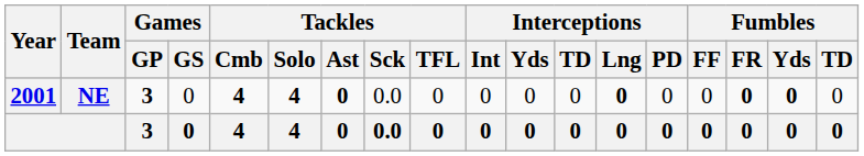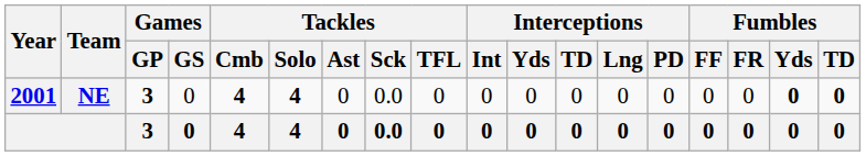 <table class="wikitable" style="text-align:center">
 <tr>
 <th rowspan="2">Year</th>
 <th rowspan="2">Team</th>
 <th colspan="2">Games</th>
 <th colspan="5">Tackles</th>
 <th colspan="5">Interceptions</th>
 <th colspan="4">Fumbles</th>
 </tr>
 <tr>
 <th>GP</th>
 <th>GS</th>
 <th>Cmb</th>
 <th>Solo</th>
 <th>Ast</th>
 <th>Sck</th>
 <th>TFL</th>
 <th>Int</th>
 <th>Yds</th>
 <th>TD</th>
 <th>Lng</th>
 <th>PD</th>
 <th>FF</th>
 <th>FR</th>
 <th>Yds</th>
 <th>TD</th>
 </tr>
 <tr>
 <th><a href='#'>2001</a></th>
 <th><a href='#'>NE</a></th>
 <td><strong>3</strong></td>
 <td>0</td>
 <td><strong>4</strong></td>
 <td><strong>4</strong></td>
-<td><strong>0</strong></td>
+<td>0</td>
 <td>0.0</td>
 <td>0</td>
 <td>0</td>
 <td>0</td>
 <td>0</td>
-<td><strong>0</strong></td>
+<td>0</td>
+<td>0</td>
 <td>0</td>
 <td>0</td>
 <td><strong>0</strong></td>
 <td><strong>0</strong></td>
-<td>0</td>
 </tr>
 <tr>
 <th colspan="2"></th>
 <th>3</th>
 <th>0</th>
 <th>4</th>
 <th>4</th>
 <th>0</th>
 <th>0.0</th>
 <th>0</th>
 <th>0</th>
 <th>0</th>
 <th>0</th>
 <th>0</th>
 <th>0</th>
 <th>0</th>
 <th>0</th>
 <th>0</th>
 <th>0</th>
 </tr>
 </table>
